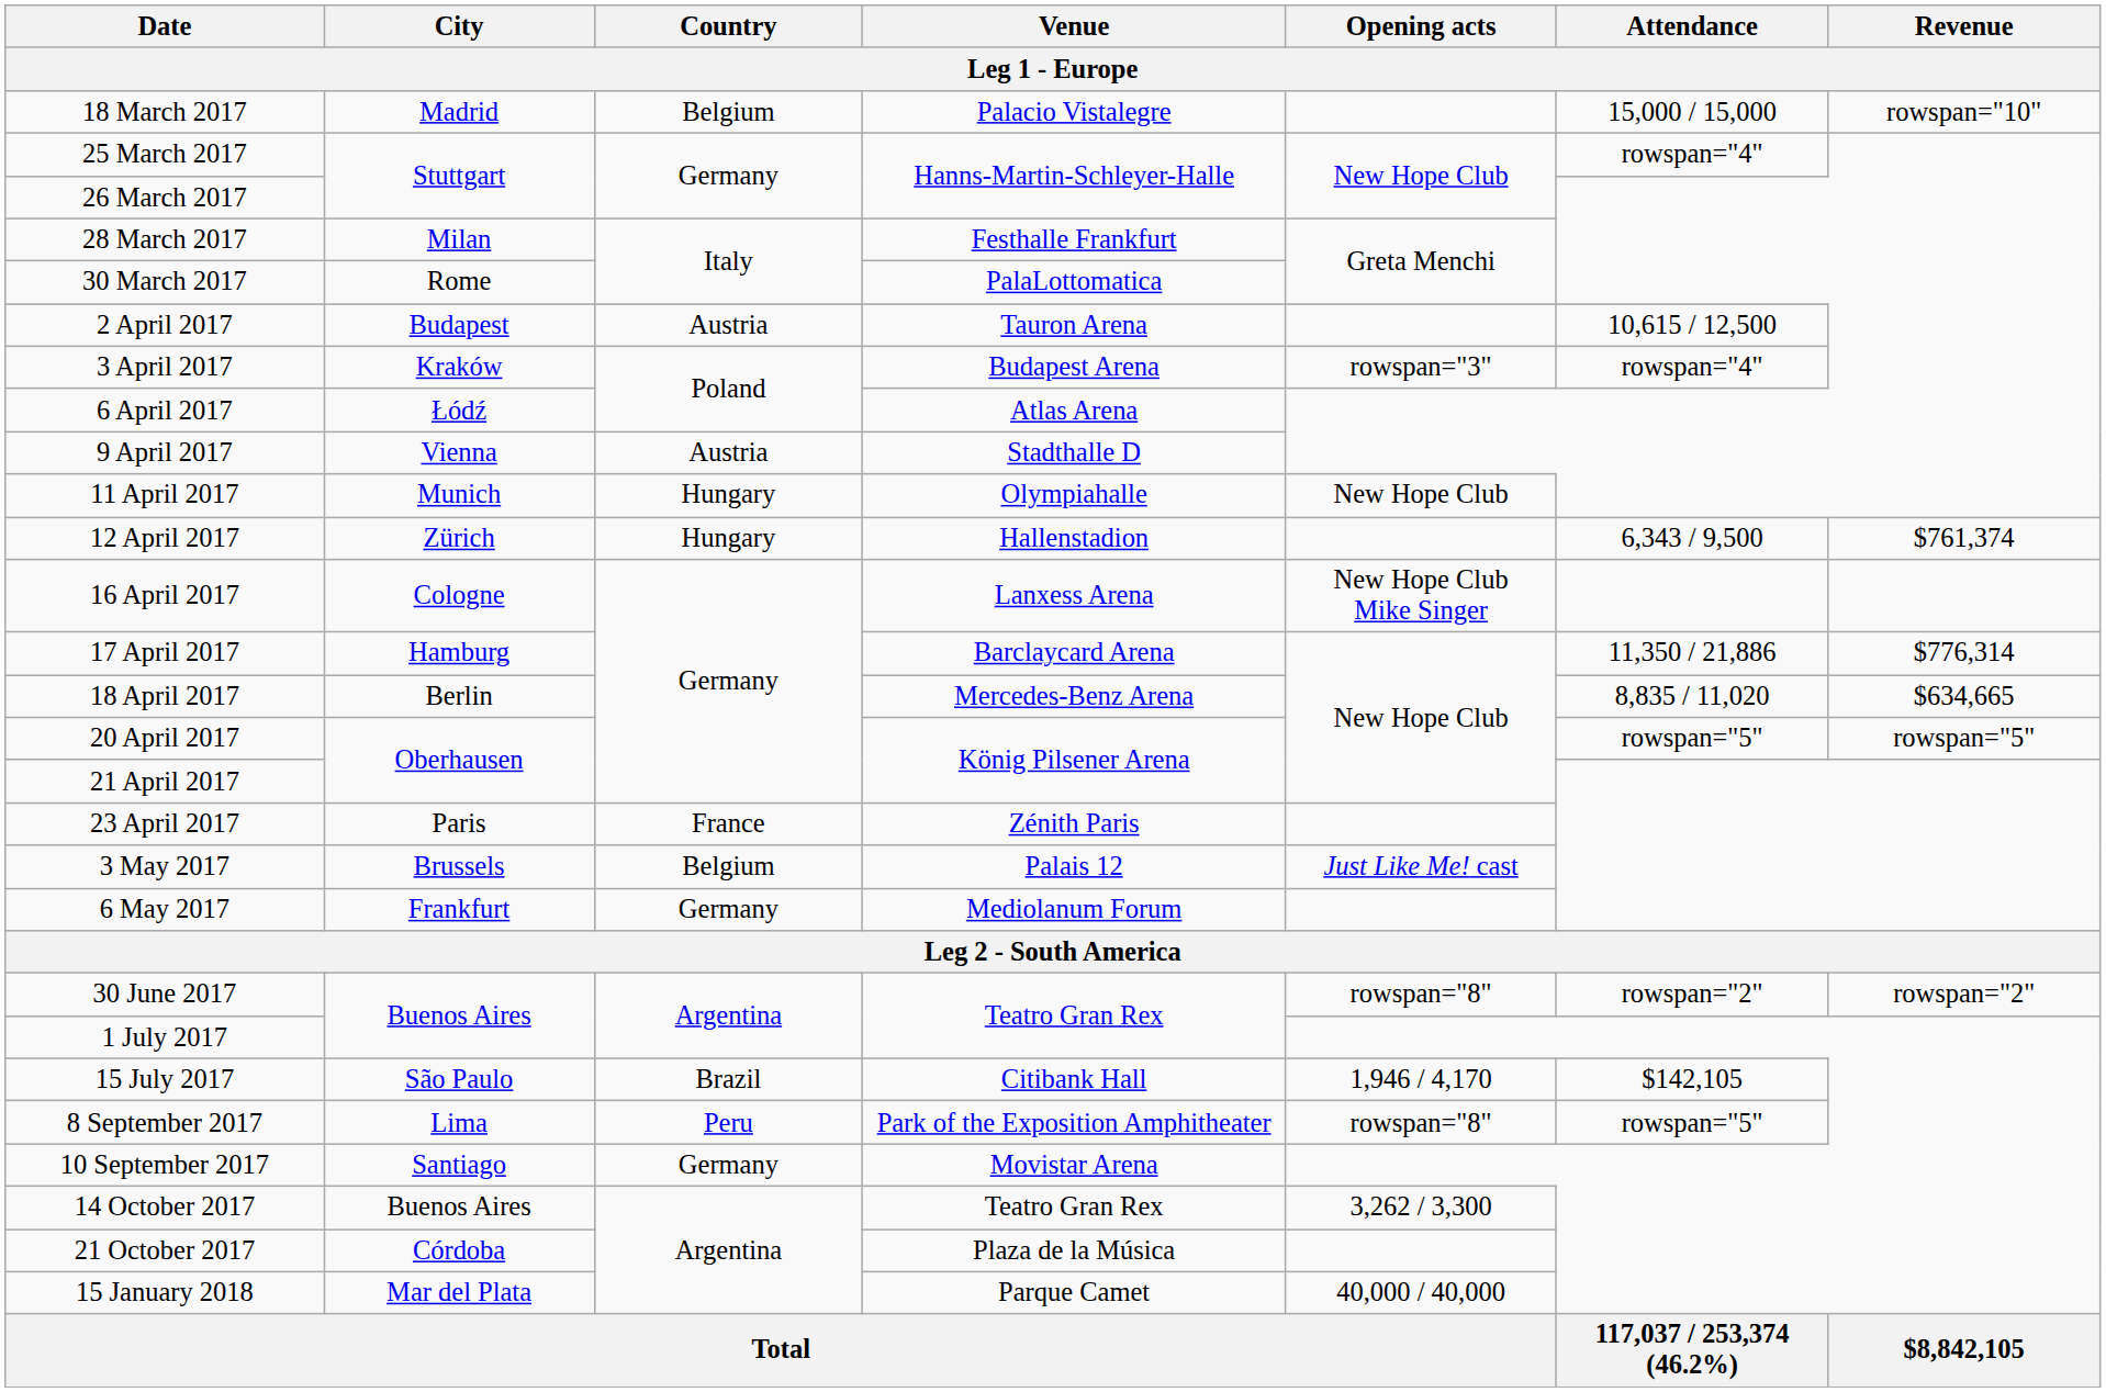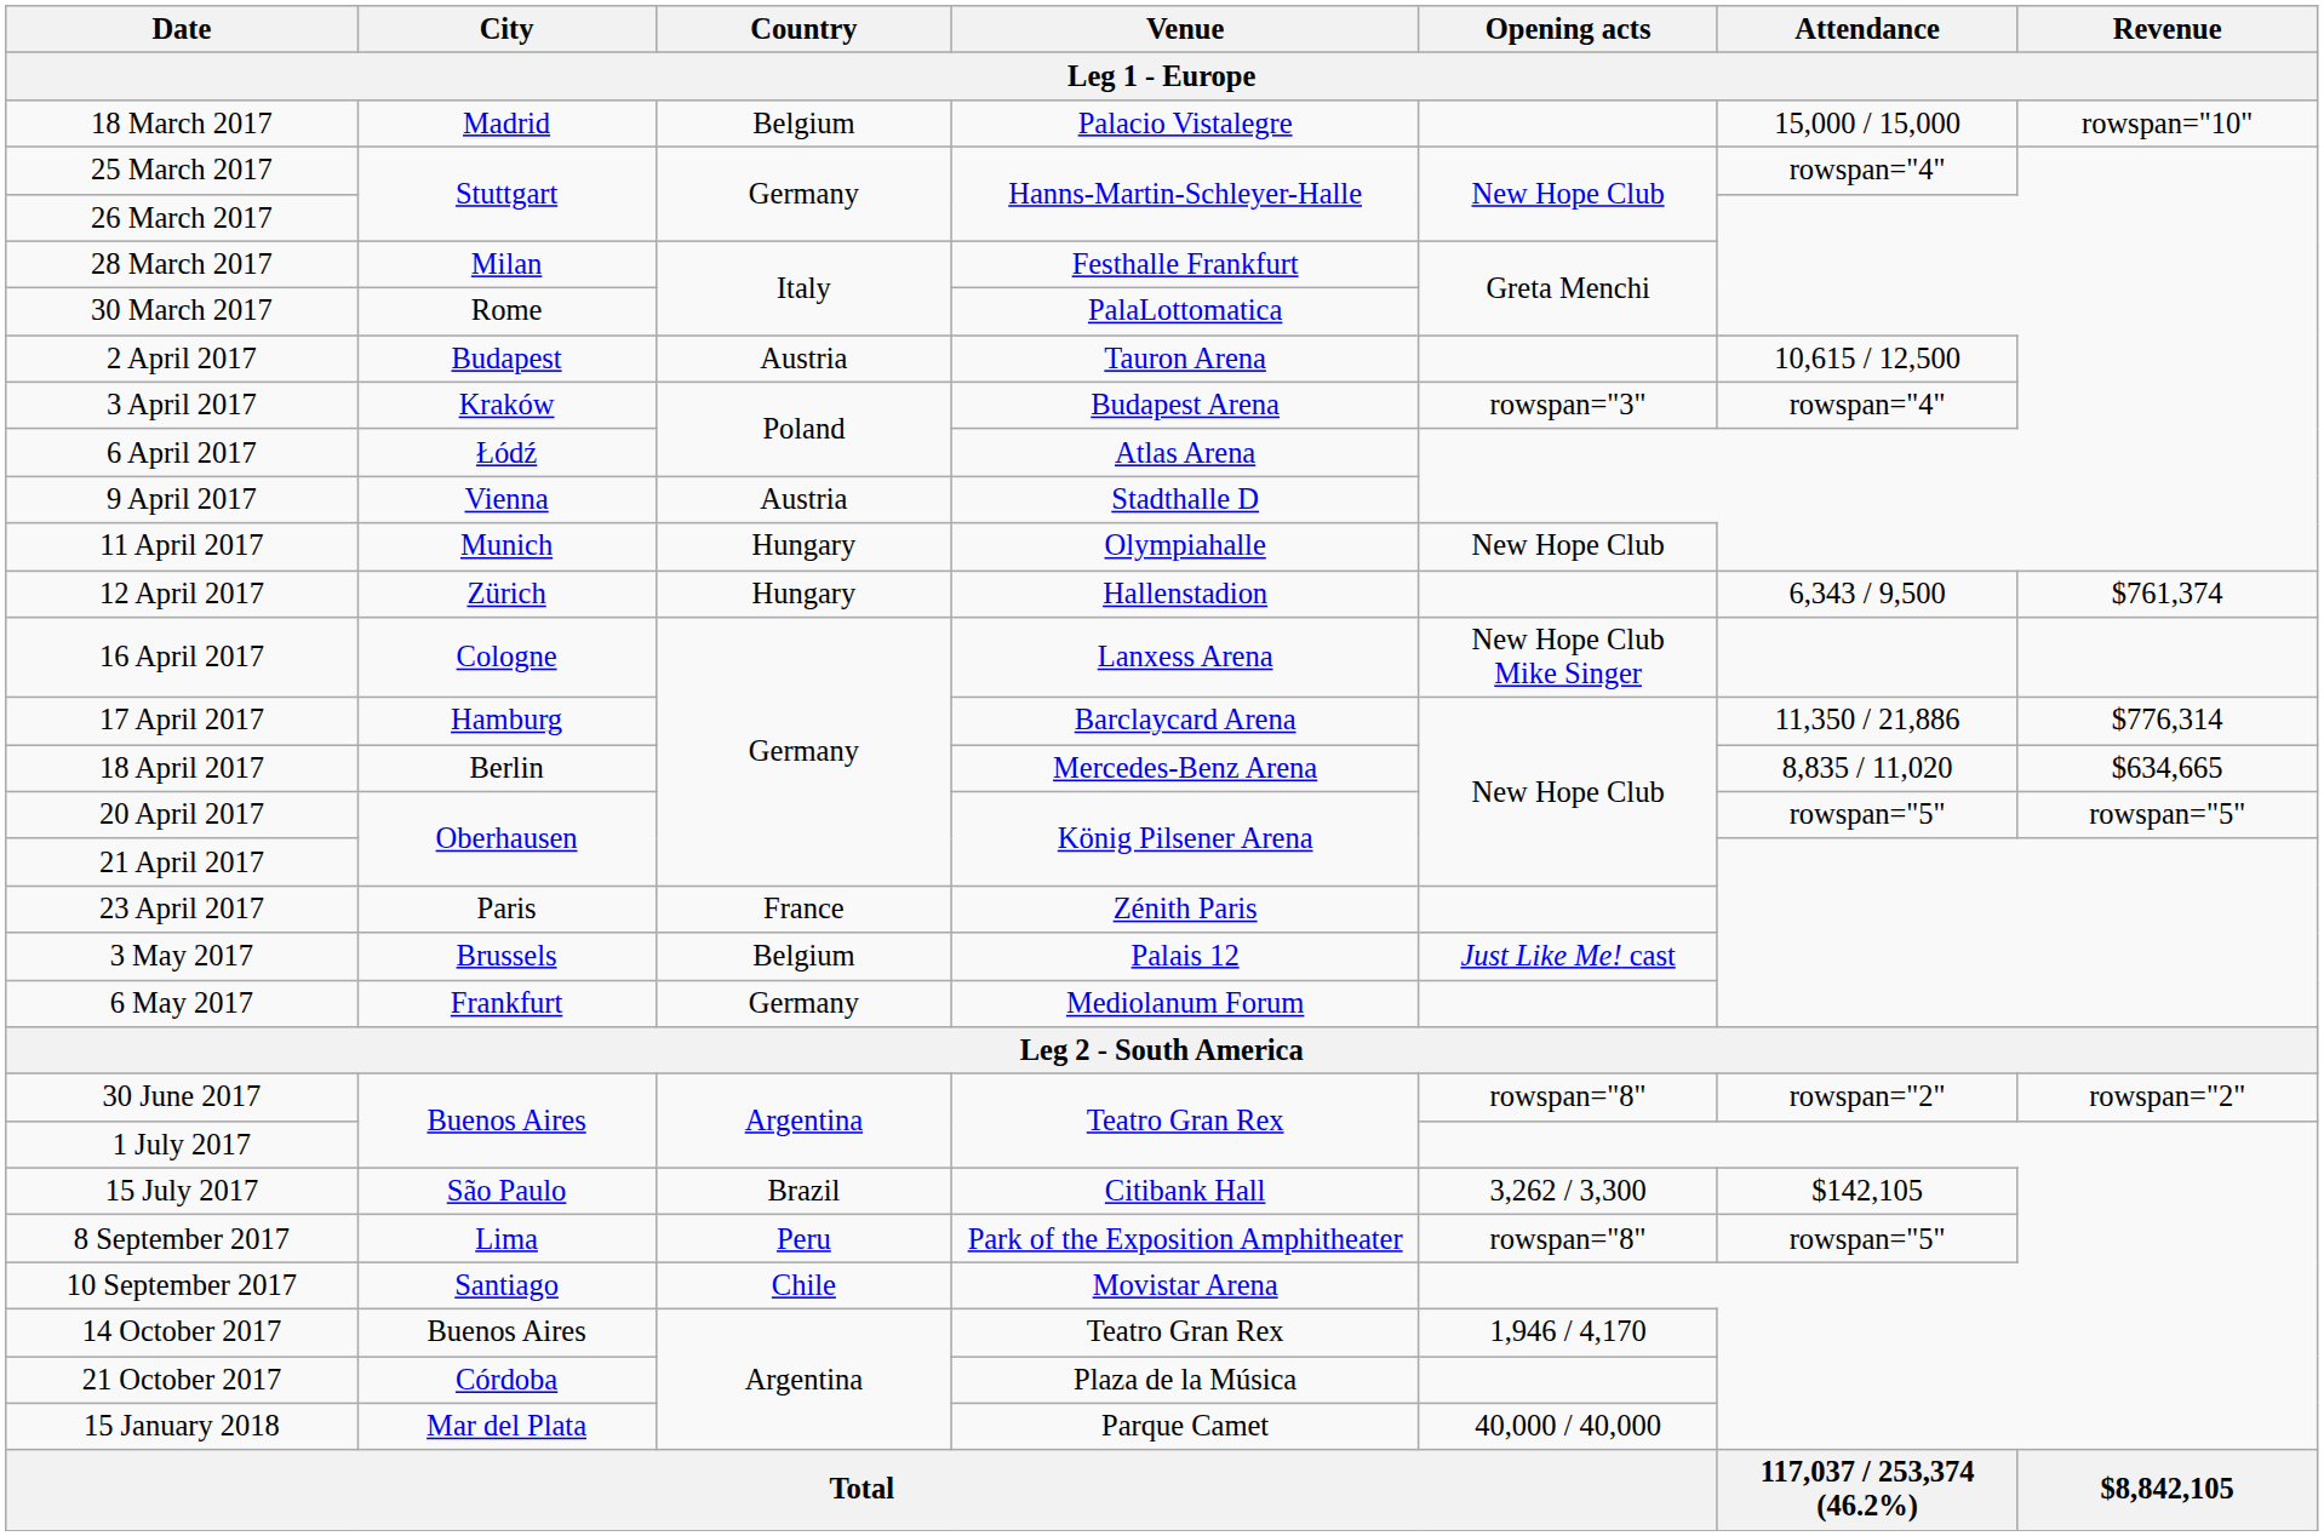 <table class="wikitable plainrowheaders" style="text-align:center;">
 <tr>
 <th scope="col" style="width:12em;">Date</th>
 <th scope="col" style="width:10em;">City</th>
 <th scope="col" style="width:10em;">Country</th>
 <th scope="col" style="width:16em;">Venue</th>
 <th scope="col" style="width:10em;">Opening acts</th>
 <th scope="col" style="width:10em;">Attendance</th>
 <th scope="col" style="width:10em;">Revenue</th>
 </tr>
 <tr>
 <th colspan="7">Leg 1 - Europe</th>
 </tr>
 <tr>
 <td>18 March 2017</td>
 <td><a href='#'>Madrid</a></td>
 <td>Belgium</td>
 <td><a href='#'>Palacio Vistalegre</a></td>
 <td></td>
 <td>15,000 / 15,000</td>
 <td>rowspan="10" </td>
 </tr>
 <tr>
 <td>25 March 2017</td>
 <td rowspan="2"><a href='#'>Stuttgart</a></td>
 <td rowspan="2">Germany</td>
 <td rowspan="2"><a href='#'>Hanns-Martin-Schleyer-Halle</a></td>
 <td rowspan="2"><a href='#'>New Hope Club</a></td>
 <td>rowspan="4" </td>
 </tr>
 <tr>
 <td>26 March 2017</td>
 </tr>
 <tr>
 <td>28 March 2017</td>
 <td><a href='#'>Milan</a></td>
 <td rowspan="2">Italy</td>
 <td><a href='#'>Festhalle Frankfurt</a></td>
 <td rowspan="2">Greta Menchi</td>
 </tr>
 <tr>
 <td>30 March 2017</td>
 <td>Rome</td>
 <td><a href='#'>PalaLottomatica</a></td>
 </tr>
 <tr>
 <td>2 April 2017</td>
 <td><a href='#'>Budapest</a></td>
 <td>Austria</td>
 <td><a href='#'>Tauron Arena</a></td>
 <td></td>
 <td>10,615 / 12,500</td>
 </tr>
 <tr>
 <td>3 April 2017</td>
 <td><a href='#'>Kraków</a></td>
 <td rowspan="2">Poland</td>
 <td><a href='#'>Budapest Arena</a></td>
 <td>rowspan="3" </td>
 <td>rowspan="4" </td>
 </tr>
 <tr>
 <td>6 April 2017</td>
 <td><a href='#'>Łódź</a></td>
 <td><a href='#'>Atlas Arena</a></td>
 </tr>
 <tr>
 <td>9 April 2017</td>
 <td><a href='#'>Vienna</a></td>
 <td>Austria</td>
 <td><a href='#'>Stadthalle D</a></td>
 </tr>
 <tr>
 <td>11 April 2017</td>
 <td><a href='#'>Munich</a></td>
 <td>Hungary</td>
 <td><a href='#'>Olympiahalle</a></td>
 <td>New Hope Club</td>
 </tr>
 <tr>
 <td>12 April 2017</td>
 <td><a href='#'>Zürich</a></td>
 <td>Hungary</td>
 <td><a href='#'>Hallenstadion</a></td>
 <td></td>
 <td>6,343 / 9,500</td>
 <td>$761,374</td>
 </tr>
 <tr>
 <td>16 April 2017</td>
 <td><a href='#'>Cologne</a></td>
 <td rowspan="5">Germany</td>
 <td><a href='#'>Lanxess Arena</a></td>
 <td>New Hope Club<br><a href='#'>Mike Singer</a></td>
 <td></td>
 <td></td>
 </tr>
 <tr>
 <td>17 April  2017</td>
 <td><a href='#'>Hamburg</a></td>
 <td><a href='#'>Barclaycard Arena</a></td>
 <td rowspan="4">New Hope Club</td>
 <td>11,350 / 21,886</td>
 <td>$776,314</td>
 </tr>
 <tr>
 <td>18 April 2017</td>
 <td>Berlin</td>
 <td><a href='#'>Mercedes-Benz Arena</a></td>
 <td>8,835 / 11,020</td>
 <td>$634,665</td>
 </tr>
 <tr>
 <td>20 April 2017</td>
 <td rowspan="2"><a href='#'>Oberhausen</a></td>
 <td rowspan="2"><a href='#'>König Pilsener Arena</a></td>
 <td>rowspan="5" </td>
 <td>rowspan="5" </td>
 </tr>
 <tr>
 <td>21 April 2017</td>
 </tr>
 <tr>
 <td>23 April 2017</td>
 <td>Paris</td>
 <td>France</td>
 <td><a href='#'>Zénith Paris</a></td>
 <td></td>
 </tr>
 <tr>
 <td>3 May 2017</td>
 <td><a href='#'>Brussels</a></td>
 <td>Belgium</td>
 <td><a href='#'>Palais 12</a></td>
 <td><a href='#'><em>Just Like Me!</em> cast</a></td>
 </tr>
 <tr>
 <td>6 May 2017 </td>
 <td><a href='#'>Frankfurt</a></td>
 <td>Germany</td>
 <td><a href='#'>Mediolanum Forum</a></td>
 <td></td>
 </tr>
 <tr>
 <th colspan="7">Leg 2 - South America </th>
 </tr>
 <tr>
 <td>30 June 2017</td>
 <td rowspan="2"><a href='#'>Buenos Aires</a></td>
 <td rowspan="2"><a href='#'>Argentina</a></td>
 <td rowspan="2"><a href='#'>Teatro Gran Rex</a></td>
 <td>rowspan="8" </td>
 <td>rowspan="2" </td>
 <td>rowspan="2" </td>
 </tr>
 <tr>
 <td>1 July 2017</td>
 </tr>
 <tr>
 <td>15 July 2017</td>
 <td><a href='#'>São Paulo</a></td>
 <td>Brazil</td>
 <td><a href='#'>Citibank Hall</a></td>
-<td>1,946 / 4,170</td>
+<td>3,262 / 3,300</td>
 <td>$142,105</td>
 </tr>
 <tr>
 <td>8 September 2017</td>
 <td><a href='#'>Lima</a></td>
 <td><a href='#'>Peru</a></td>
 <td><a href='#'>Park of the Exposition Amphitheater</a></td>
 <td>rowspan="8" </td>
 <td>rowspan="5" </td>
 </tr>
 <tr>
 <td>10 September 2017</td>
 <td><a href='#'>Santiago</a></td>
-<td>Germany</td>
+<td><a href='#'>Chile</a></td>
 <td><a href='#'>Movistar Arena</a></td>
 </tr>
 <tr>
 <td>14 October 2017</td>
 <td>Buenos Aires</td>
 <td rowspan="3">Argentina</td>
 <td>Teatro Gran Rex</td>
-<td>3,262 / 3,300</td>
+<td>1,946 / 4,170</td>
 </tr>
 <tr>
 <td>21 October 2017</td>
 <td><a href='#'>Córdoba</a></td>
 <td>Plaza de la Música</td>
 <td></td>
 </tr>
 <tr>
 <td>15 January 2018</td>
 <td><a href='#'>Mar del Plata</a></td>
 <td>Parque Camet</td>
 <td>40,000 / 40,000</td>
 </tr>
 <tr>
 <th colspan="5">Total</th>
 <th>117,037 / 253,374 (46.2%)</th>
 <th>$8,842,105</th>
 </tr>
 <tr>
 </tr>
 </table>
